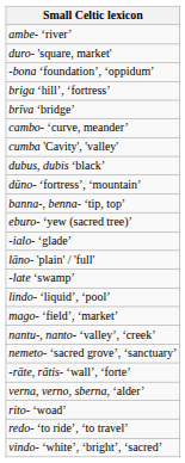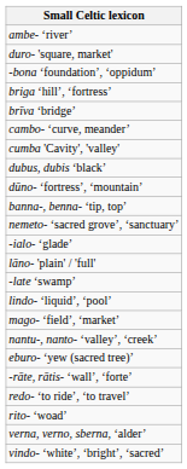 <table class="wikitable" style="float:right;">
 <tr>
 <th>Small Celtic lexicon</th>
 </tr>
 <tr>
 <td><em>ambe-</em> ‘river’</td>
 </tr>
 <tr>
 <td><em>duro-</em> 'square, market'</td>
 </tr>
 <tr>
 <td><em>-bona</em> ‘foundation’, ‘oppidum’</td>
 </tr>
 <tr>
 <td><em>briga</em> ‘hill’, ‘fortress’</td>
 </tr>
 <tr>
 <td><em>brīva</em> ‘bridge’</td>
 </tr>
 <tr>
 <td><em>cambo-</em> ‘curve, meander’</td>
 </tr>
 <tr>
 <td><em>cumba</em> 'Cavity', 'valley'</td>
 </tr>
 <tr>
 <td><em>dubus</em>, <em>dubis</em> ‘black’</td>
 </tr>
 <tr>
 <td><em>dūno-</em> ‘fortress’, ‘mountain’</td>
 </tr>
 <tr>
 <td><em>banna-</em>, <em>benna-</em> ‘tip, top’</td>
 </tr>
 <tr>
-<td><em>eburo-</em> ‘yew (sacred tree)’</td>
+<td><em>nemeto-</em> ‘sacred grove’, ‘sanctuary’</td>
 </tr>
 <tr>
 <td><em>-ialo-</em> ‘glade’</td>
 </tr>
 <tr>
 <td><em>lāno-</em> 'plain' / 'full'</td>
 </tr>
 <tr>
 <td><em>-late</em> ‘swamp’</td>
 </tr>
 <tr>
 <td><em>lindo-</em> ‘liquid’, ‘pool’</td>
 </tr>
 <tr>
 <td><em>mago-</em> ‘field’, ‘market’</td>
 </tr>
 <tr>
 <td><em>nantu-</em>, <em>nanto-</em> ‘valley’, ‘creek’</td>
 </tr>
 <tr>
-<td><em>nemeto-</em> ‘sacred grove’, ‘sanctuary’</td>
+<td><em>eburo-</em> ‘yew (sacred tree)’</td>
 </tr>
 <tr>
 <td><em>-rāte</em>, <em>rātis-</em> ‘wall’, ‘forte’</td>
 </tr>
 <tr>
-<td><em>verna</em>, <em>verno</em>, <em>sberna</em>, ‘alder’</td>
+<td><em>redo-</em> ‘to ride’, ‘to travel’</td>
 </tr>
 <tr>
 <td><em>rito-</em> ‘woad’</td>
 </tr>
 <tr>
-<td><em>redo-</em> ‘to ride’, ‘to travel’</td>
+<td><em>verna</em>, <em>verno</em>, <em>sberna</em>, ‘alder’</td>
 </tr>
 <tr>
 <td><em>vindo-</em> ‘white’, ‘bright’, ‘sacred’</td>
 </tr>
 </table>
